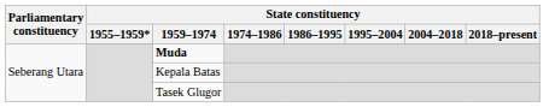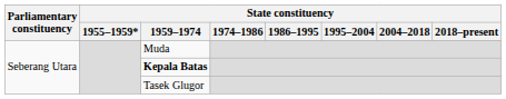 <table class="wikitable">
 <tr>
 <th rowspan="2">Parliamentary<br>constituency</th>
 <th colspan="7">State constituency</th>
 </tr>
 <tr>
 <th>1955–1959*</th>
 <th>1959–1974</th>
 <th>1974–1986</th>
 <th>1986–1995</th>
 <th>1995–2004</th>
 <th>2004–2018</th>
 <th>2018–present</th>
 </tr>
 <tr>
 <td rowspan="3">Seberang Utara</td>
 <td rowspan="3" bgcolor="dcdcdc"></td>
-<td><strong>Muda</strong></td>
+<td>Muda</td>
 <td colspan="5" bgcolor="dcdcdc"></td>
 </tr>
 <tr>
-<td>Kepala Batas</td>
+<td><strong>Kepala Batas</strong></td>
 <td colspan="5" bgcolor="dcdcdc"></td>
 </tr>
 <tr>
 <td>Tasek Glugor</td>
 <td colspan="5" bgcolor="dcdcdc"></td>
 </tr>
 </table>
